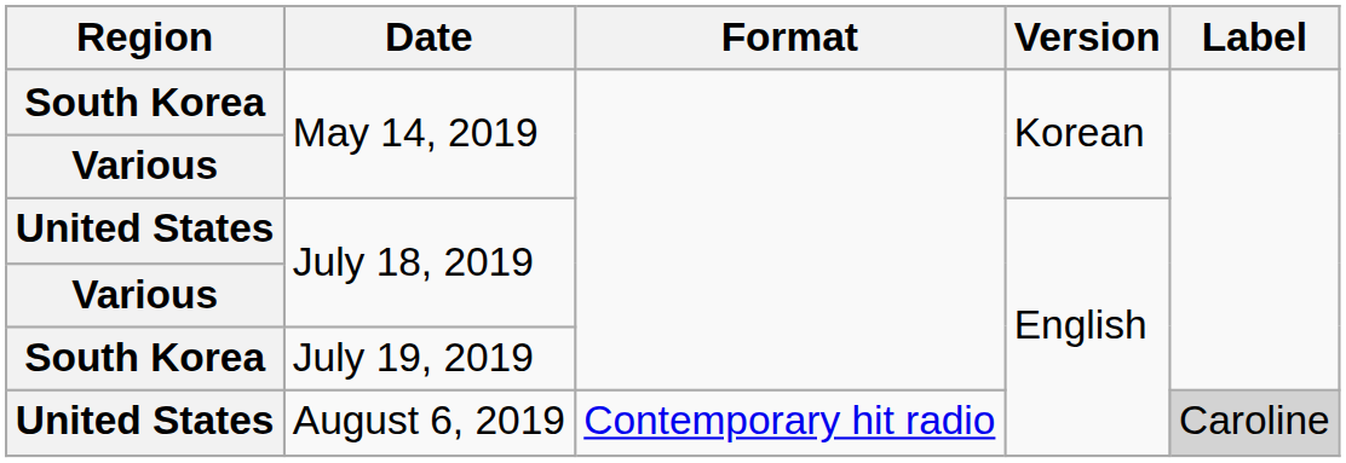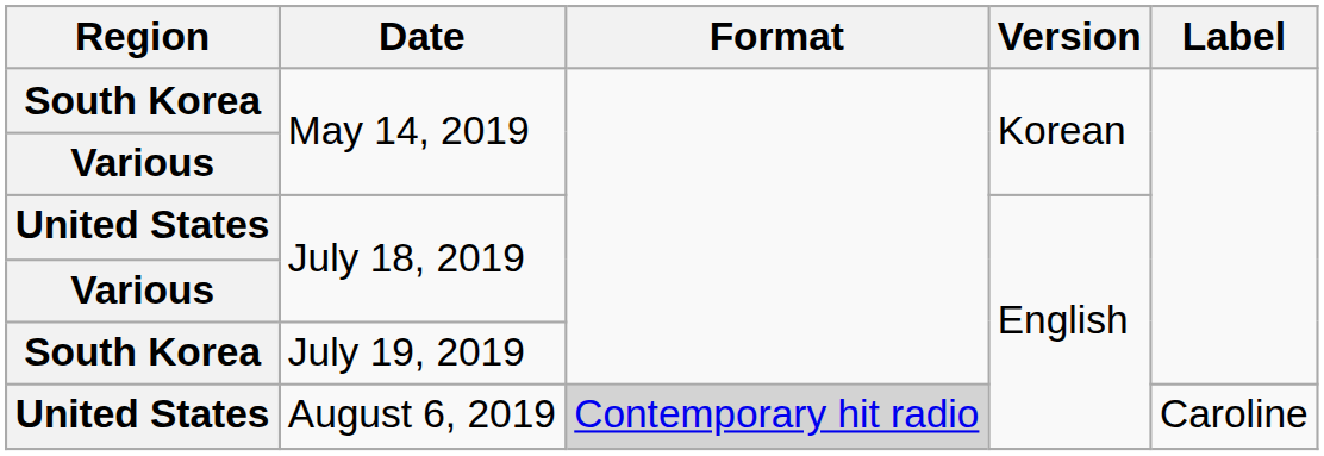 <table class="wikitable plainrowheaders">
 <tr>
 <th>Region</th>
 <th>Date</th>
 <th>Format</th>
 <th>Version</th>
 <th>Label</th>
 </tr>
 <tr>
 <th scope="row">South Korea</th>
 <td rowspan="2">May 14, 2019</td>
 <td rowspan="5"></td>
 <td rowspan="2">Korean</td>
 <td rowspan="5"></td>
 </tr>
 <tr>
 <th scope="row">Various</th>
 </tr>
 <tr>
 <th scope="row">United States</th>
 <td rowspan="2">July 18, 2019</td>
 <td rowspan="4">English</td>
 </tr>
 <tr>
 <th scope="row">Various</th>
 </tr>
 <tr>
 <th scope="row">South Korea</th>
 <td>July 19, 2019</td>
 </tr>
 <tr>
 <th scope="row">United States</th>
 <td>August 6, 2019</td>
-<td><a href='#'>Contemporary hit radio</a></td>
-<td style="background: lightgrey;">Caroline</td>
+<td style="background: lightgrey;"><a href='#'>Contemporary hit radio</a></td>
+<td>Caroline</td>
 </tr>
 </table>
